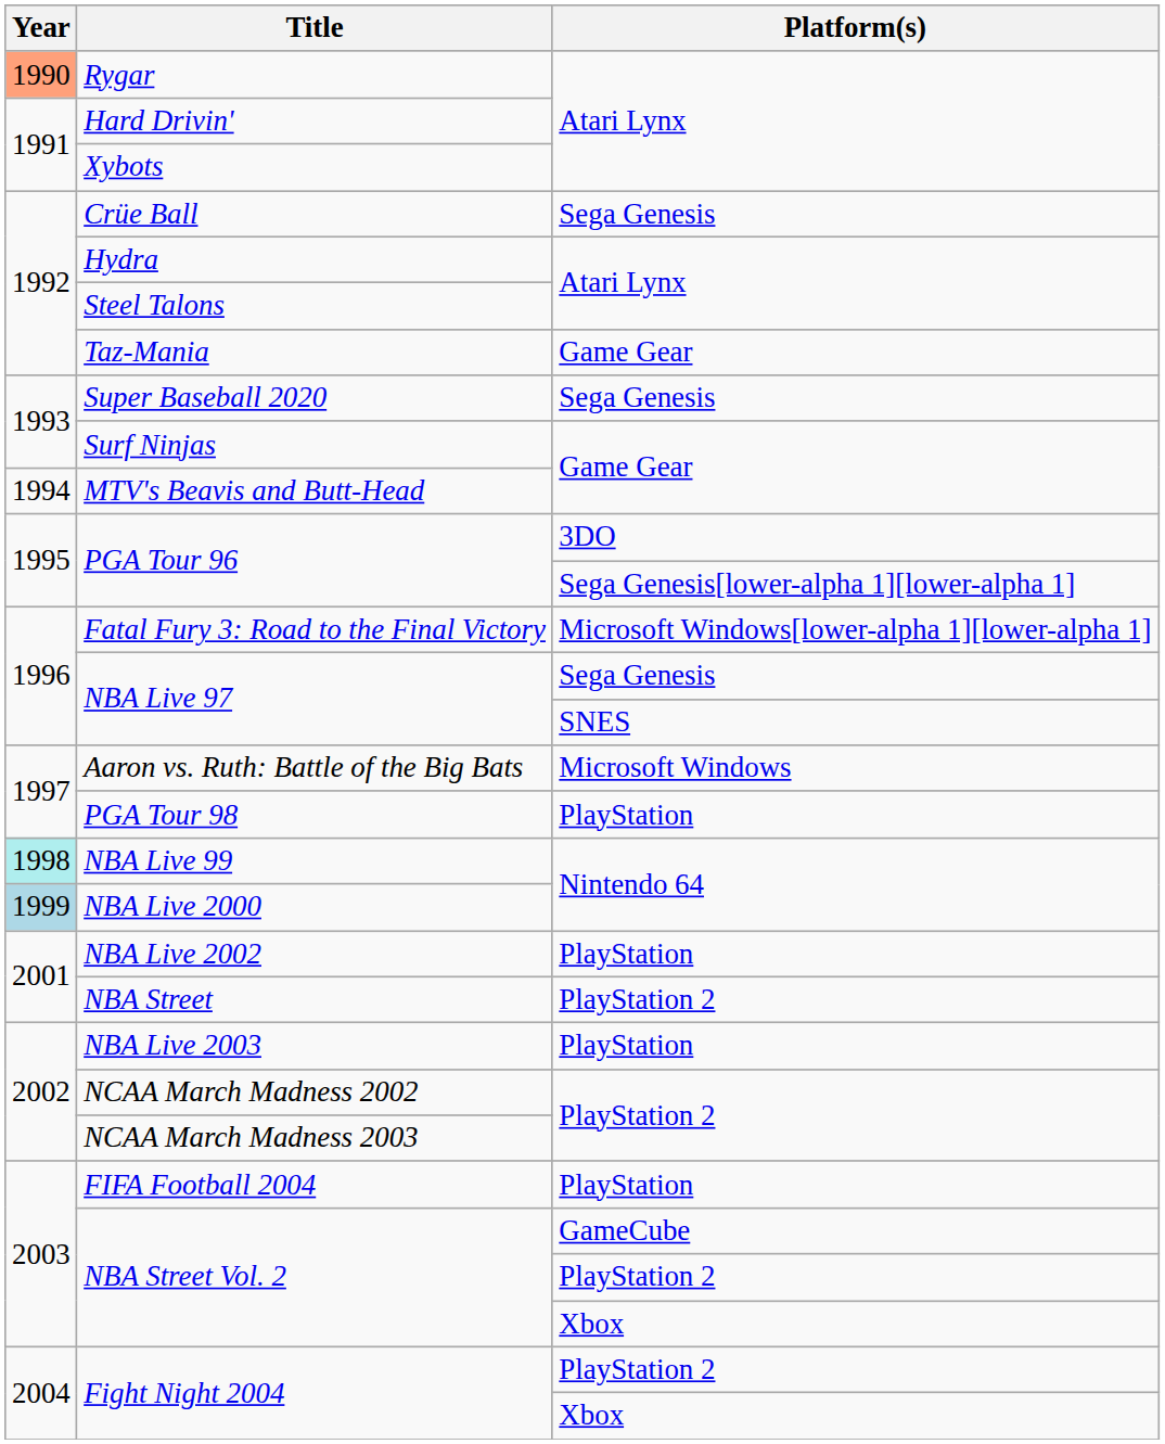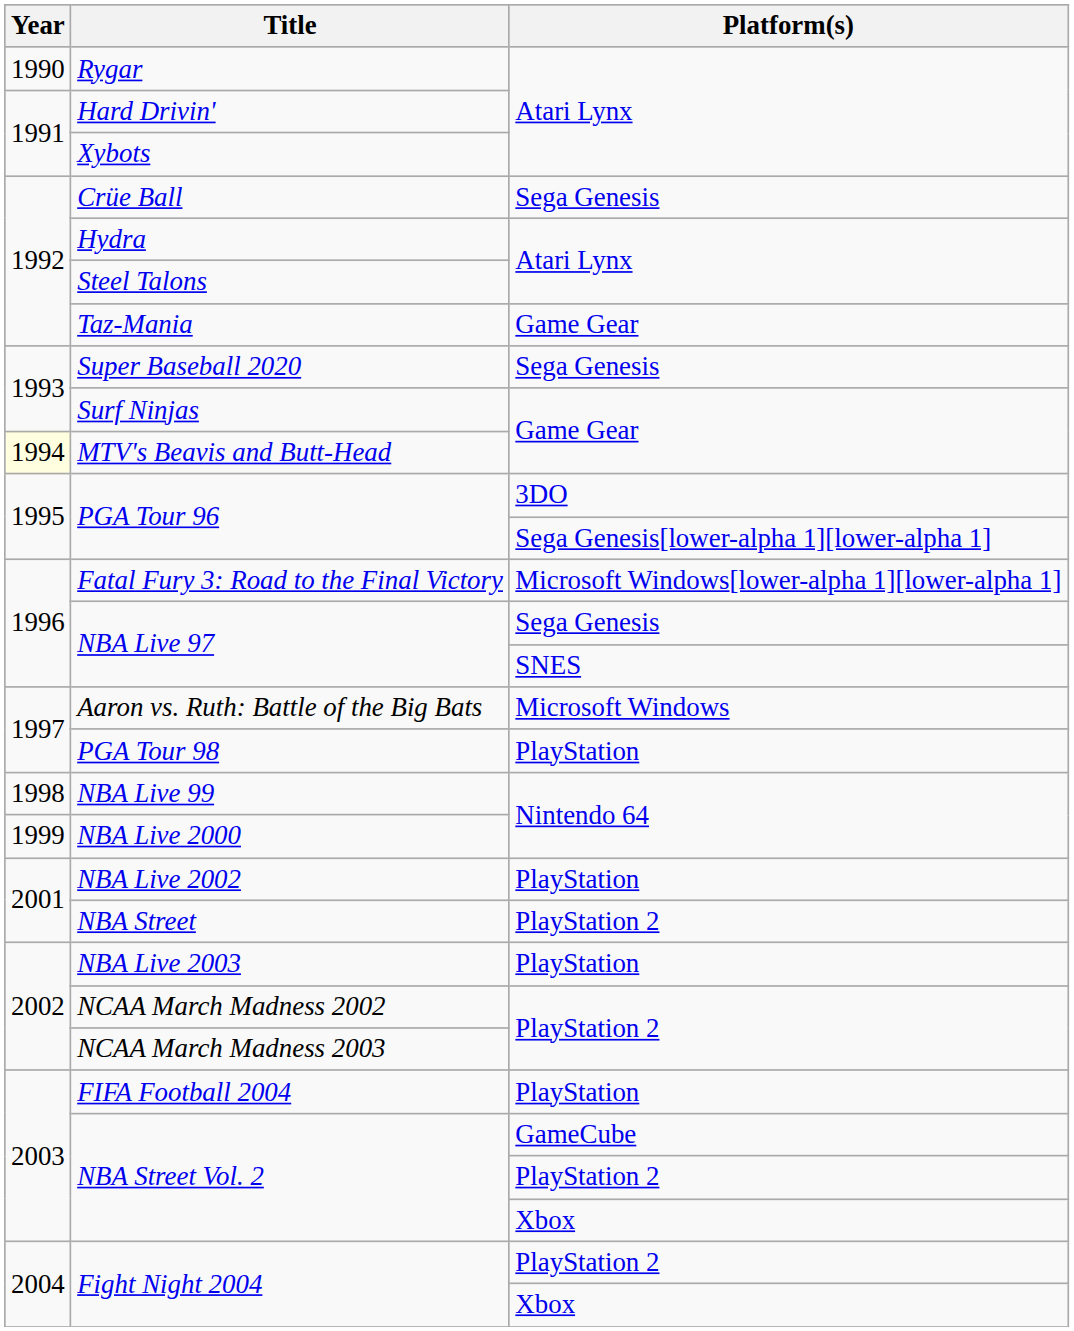 <table class="wikitable sortable">
 <tr>
 <th>Year</th>
 <th>Title</th>
 <th>Platform(s)</th>
 </tr>
 <tr>
-<td style="background: lightsalmon;">1990</td>
+<td>1990</td>
 <td><em><a href='#'>Rygar</a></em></td>
 <td rowspan="3"><a href='#'>Atari Lynx</a></td>
 </tr>
 <tr>
 <td rowspan="2">1991</td>
 <td><em><a href='#'>Hard Drivin'</a></em></td>
 </tr>
 <tr>
 <td><em><a href='#'>Xybots</a></em></td>
 </tr>
 <tr>
 <td rowspan="4">1992</td>
 <td><em><a href='#'>Crüe Ball</a></em></td>
 <td><a href='#'>Sega Genesis</a></td>
 </tr>
 <tr>
 <td><em><a href='#'>Hydra</a></em></td>
 <td rowspan="2"><a href='#'>Atari Lynx</a></td>
 </tr>
 <tr>
 <td><em><a href='#'>Steel Talons</a></em></td>
 </tr>
 <tr>
 <td><em><a href='#'>Taz-Mania</a></em></td>
 <td><a href='#'>Game Gear</a></td>
 </tr>
 <tr>
 <td rowspan="2">1993</td>
 <td><em><a href='#'>Super Baseball 2020</a></em></td>
 <td><a href='#'>Sega Genesis</a></td>
 </tr>
 <tr>
 <td><em><a href='#'>Surf Ninjas</a></em></td>
 <td rowspan="2"><a href='#'>Game Gear</a></td>
 </tr>
 <tr>
-<td>1994</td>
+<td style="background: lightyellow;">1994</td>
 <td><em><a href='#'>MTV's Beavis and Butt-Head</a></em></td>
 </tr>
 <tr>
 <td rowspan="2">1995</td>
 <td rowspan="2"><em><a href='#'>PGA Tour 96</a></em></td>
 <td><a href='#'>3DO</a></td>
 </tr>
 <tr>
 <td><a href='#'>Sega Genesis</a><a href='#'><span>[lower-alpha 1]</span></a><a href='#'><span>[lower-alpha 1]</span></a></td>
 </tr>
 <tr>
 <td rowspan="3">1996</td>
 <td><em><a href='#'>Fatal Fury 3: Road to the Final Victory</a></em></td>
 <td><a href='#'>Microsoft Windows</a><a href='#'><span>[lower-alpha 1]</span></a><a href='#'><span>[lower-alpha 1]</span></a></td>
 </tr>
 <tr>
 <td rowspan="2"><em><a href='#'>NBA Live 97</a></em></td>
 <td><a href='#'>Sega Genesis</a></td>
 </tr>
 <tr>
 <td><a href='#'>SNES</a></td>
 </tr>
 <tr>
 <td rowspan="2">1997</td>
 <td><em>Aaron vs. Ruth: Battle of the Big Bats</em></td>
 <td><a href='#'>Microsoft Windows</a></td>
 </tr>
 <tr>
 <td><em><a href='#'>PGA Tour 98</a></em></td>
 <td><a href='#'>PlayStation</a></td>
 </tr>
 <tr>
-<td style="background: paleturquoise;">1998</td>
+<td>1998</td>
 <td><em><a href='#'>NBA Live 99</a></em></td>
 <td rowspan="2"><a href='#'>Nintendo 64</a></td>
 </tr>
 <tr>
-<td style="background: lightblue;">1999</td>
+<td>1999</td>
 <td><em><a href='#'>NBA Live 2000</a></em></td>
 </tr>
 <tr>
 <td rowspan="2">2001</td>
 <td><em><a href='#'>NBA Live 2002</a></em></td>
 <td><a href='#'>PlayStation</a></td>
 </tr>
 <tr>
 <td><em><a href='#'>NBA Street</a></em></td>
 <td><a href='#'>PlayStation 2</a></td>
 </tr>
 <tr>
 <td rowspan="3">2002</td>
 <td><em><a href='#'>NBA Live 2003</a></em></td>
 <td><a href='#'>PlayStation</a></td>
 </tr>
 <tr>
 <td><em>NCAA March Madness 2002</em></td>
 <td rowspan="2"><a href='#'>PlayStation 2</a></td>
 </tr>
 <tr>
 <td><em>NCAA March Madness 2003</em></td>
 </tr>
 <tr>
 <td rowspan="4">2003</td>
 <td><em><a href='#'>FIFA Football 2004</a></em></td>
 <td><a href='#'>PlayStation</a></td>
 </tr>
 <tr>
 <td rowspan="3"><em><a href='#'>NBA Street Vol. 2</a></em></td>
 <td><a href='#'>GameCube</a></td>
 </tr>
 <tr>
 <td><a href='#'>PlayStation 2</a></td>
 </tr>
 <tr>
 <td><a href='#'>Xbox</a></td>
 </tr>
 <tr>
 <td rowspan="2">2004</td>
 <td rowspan="2"><em><a href='#'>Fight Night 2004</a></em></td>
 <td><a href='#'>PlayStation 2</a></td>
 </tr>
 <tr>
 <td><a href='#'>Xbox</a></td>
 </tr>
 </table>
